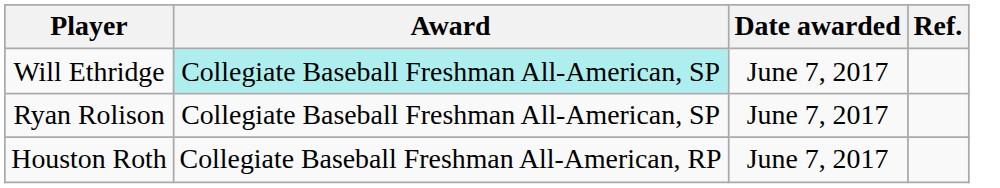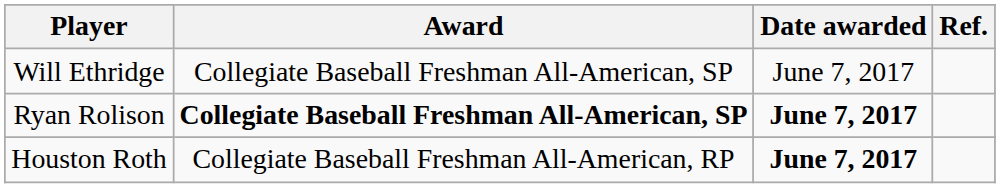 <table class="wikitable sortable sortable" style="text-align: center">
 <tr>
 <th>Player</th>
 <th>Award</th>
 <th>Date awarded</th>
 <th>Ref.</th>
 </tr>
 <tr>
 <td>Will Ethridge</td>
-<td style="background: paleturquoise;">Collegiate Baseball Freshman All-American, SP</td>
+<td>Collegiate Baseball Freshman All-American, SP</td>
 <td>June 7, 2017</td>
 <td></td>
 </tr>
 <tr>
 <td>Ryan Rolison</td>
-<td>Collegiate Baseball Freshman All-American, SP</td>
-<td>June 7, 2017</td>
+<td><strong>Collegiate Baseball Freshman All-American, SP</strong></td>
+<td><strong>June 7, 2017</strong></td>
 <td></td>
 </tr>
 <tr>
 <td>Houston Roth</td>
 <td>Collegiate Baseball Freshman All-American, RP</td>
-<td>June 7, 2017</td>
+<td><strong>June 7, 2017</strong></td>
 <td></td>
 </tr>
 </table>
